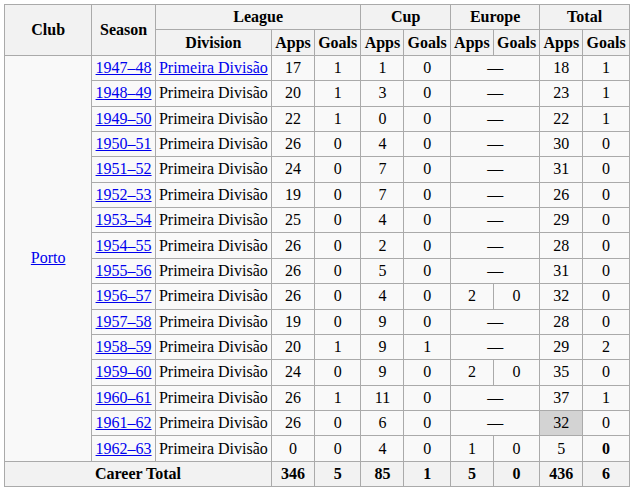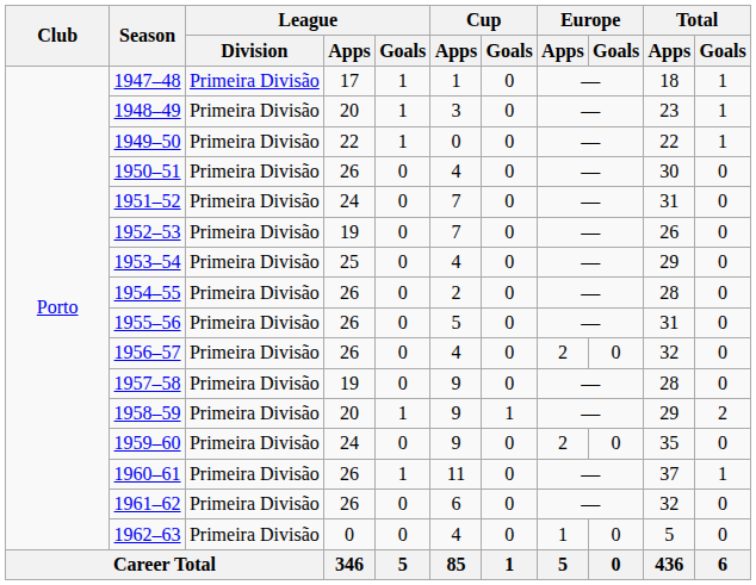 <table class="wikitable" style="font-size:100%; text-align: center;">
 <tr>
 <th rowspan="2" width="80">Club</th>
 <th rowspan="2">Season</th>
 <th colspan="3">League</th>
 <th colspan="2">Cup</th>
 <th colspan="2">Europe</th>
 <th colspan="2">Total</th>
 </tr>
 <tr>
 <th>Division</th>
 <th>Apps</th>
 <th>Goals</th>
 <th>Apps</th>
 <th>Goals</th>
 <th>Apps</th>
 <th>Goals</th>
 <th>Apps</th>
 <th>Goals</th>
 </tr>
 <tr>
 <td rowspan="16"><a href='#'>Porto</a></td>
 <td><a href='#'>1947–48</a></td>
 <td><a href='#'>Primeira Divisão</a></td>
 <td>17</td>
 <td>1</td>
 <td>1</td>
 <td>0</td>
 <td colspan=2>—</td>
 <td>18</td>
 <td>1</td>
 </tr>
 <tr>
 <td><a href='#'>1948–49</a></td>
 <td>Primeira Divisão</td>
 <td>20</td>
 <td>1</td>
 <td>3</td>
 <td>0</td>
 <td colspan=2>—</td>
 <td>23</td>
 <td>1</td>
 </tr>
 <tr>
 <td><a href='#'>1949–50</a></td>
 <td>Primeira Divisão</td>
 <td>22</td>
 <td>1</td>
 <td>0</td>
 <td>0</td>
 <td colspan=2>—</td>
 <td>22</td>
 <td>1</td>
 </tr>
 <tr>
 <td><a href='#'>1950–51</a></td>
 <td>Primeira Divisão</td>
 <td>26</td>
 <td>0</td>
 <td>4</td>
 <td>0</td>
 <td colspan=2>—</td>
 <td>30</td>
 <td>0</td>
 </tr>
 <tr>
 <td><a href='#'>1951–52</a></td>
 <td>Primeira Divisão</td>
 <td>24</td>
 <td>0</td>
 <td>7</td>
 <td>0</td>
 <td colspan=2>—</td>
 <td>31</td>
 <td>0</td>
 </tr>
 <tr>
 <td><a href='#'>1952–53</a></td>
 <td>Primeira Divisão</td>
 <td>19</td>
 <td>0</td>
 <td>7</td>
 <td>0</td>
 <td colspan=2>—</td>
 <td>26</td>
 <td>0</td>
 </tr>
 <tr>
 <td><a href='#'>1953–54</a></td>
 <td>Primeira Divisão</td>
 <td>25</td>
 <td>0</td>
 <td>4</td>
 <td>0</td>
 <td colspan=2>—</td>
 <td>29</td>
 <td>0</td>
 </tr>
 <tr>
 <td><a href='#'>1954–55</a></td>
 <td>Primeira Divisão</td>
 <td>26</td>
 <td>0</td>
 <td>2</td>
 <td>0</td>
 <td colspan=2>—</td>
 <td>28</td>
 <td>0</td>
 </tr>
 <tr>
 <td><a href='#'>1955–56</a></td>
 <td>Primeira Divisão</td>
 <td>26</td>
 <td>0</td>
 <td>5</td>
 <td>0</td>
 <td colspan=2>—</td>
 <td>31</td>
 <td>0</td>
 </tr>
 <tr>
 <td><a href='#'>1956–57</a></td>
 <td>Primeira Divisão</td>
 <td>26</td>
 <td>0</td>
 <td>4</td>
 <td>0</td>
 <td>2</td>
 <td>0</td>
 <td>32</td>
 <td>0</td>
 </tr>
 <tr>
 <td><a href='#'>1957–58</a></td>
 <td>Primeira Divisão</td>
 <td>19</td>
 <td>0</td>
 <td>9</td>
 <td>0</td>
 <td colspan=2>—</td>
 <td>28</td>
 <td>0</td>
 </tr>
 <tr>
 <td><a href='#'>1958–59</a></td>
 <td>Primeira Divisão</td>
 <td>20</td>
 <td>1</td>
 <td>9</td>
 <td>1</td>
 <td colspan=2>—</td>
 <td>29</td>
 <td>2</td>
 </tr>
 <tr>
 <td><a href='#'>1959–60</a></td>
 <td>Primeira Divisão</td>
 <td>24</td>
 <td>0</td>
 <td>9</td>
 <td>0</td>
 <td>2</td>
 <td>0</td>
 <td>35</td>
 <td>0</td>
 </tr>
 <tr>
 <td><a href='#'>1960–61</a></td>
 <td>Primeira Divisão</td>
 <td>26</td>
 <td>1</td>
 <td>11</td>
 <td>0</td>
 <td colspan=2>—</td>
 <td>37</td>
 <td>1</td>
 </tr>
 <tr>
 <td><a href='#'>1961–62</a></td>
 <td>Primeira Divisão</td>
 <td>26</td>
 <td>0</td>
 <td>6</td>
 <td>0</td>
 <td colspan=2>—</td>
-<td style="background: lightgrey;">32</td>
+<td>32</td>
 <td>0</td>
 </tr>
 <tr>
 <td><a href='#'>1962–63</a></td>
 <td>Primeira Divisão</td>
 <td>0</td>
 <td>0</td>
 <td>4</td>
 <td>0</td>
 <td>1</td>
 <td>0</td>
 <td>5</td>
-<td><strong>0</strong></td>
+<td>0</td>
 </tr>
 <tr>
 <th colspan="3">Career Total</th>
 <th>346</th>
 <th>5</th>
 <th>85</th>
 <th>1</th>
 <th>5</th>
 <th>0</th>
 <th>436</th>
 <th>6</th>
 </tr>
 </table>
